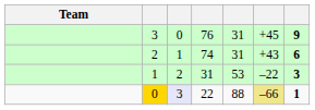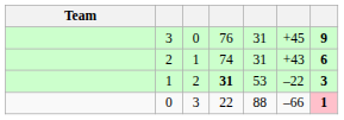 <table class="wikitable" style="text-align:center;">
 <tr>
 <th style="width:10.5em;">Team</th>
 <th style="width:1.5em;"></th>
 <th style="width:1.5em;"></th>
 <th style="width:2.0em;"></th>
 <th style="width:2.0em;"></th>
 <th style="width:2.0em;"></th>
 <th style="width:1.5em;"></th>
 </tr>
 <tr bgcolor=#cfc>
 <td align="left"></td>
 <td>3</td>
 <td>0</td>
 <td>76</td>
 <td>31</td>
 <td>+45</td>
 <td><strong>9</strong></td>
 </tr>
 <tr bgcolor=#cfc>
 <td align="left"></td>
 <td>2</td>
 <td>1</td>
 <td>74</td>
 <td>31</td>
 <td>+43</td>
 <td><strong>6</strong></td>
 </tr>
 <tr bgcolor=#cfc>
 <td align="left"></td>
 <td>1</td>
 <td>2</td>
-<td>31</td>
+<td><strong>31</strong></td>
 <td>53</td>
 <td>–22</td>
 <td><strong>3</strong></td>
 </tr>
 <tr>
 <td align="left"></td>
-<td style="background: gold;">0</td>
-<td style="background: lavender;">3</td>
+<td>0</td>
+<td>3</td>
 <td>22</td>
 <td>88</td>
-<td style="background: khaki;">–66</td>
-<td><strong>1</strong></td>
+<td>–66</td>
+<td style="background: pink;"><strong>1</strong></td>
 </tr>
 </table>
